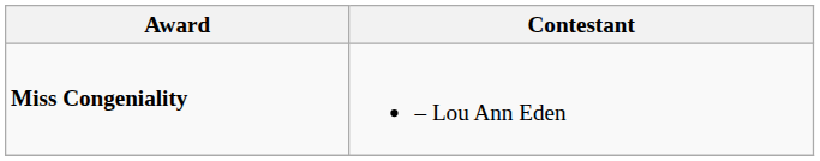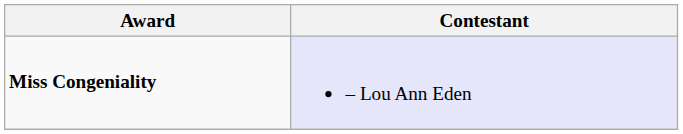 <table class="wikitable sortable" style="font-size:95%;">
 <tr>
 <th width="220">Award</th>
 <th width="300">Contestant</th>
 </tr>
 <tr>
 <td><strong>Miss Congeniality</strong></td>
-<td><br><ul><li><strong></strong> – Lou Ann Eden</li></ul></td>
+<td style="background: lavender;"><br><ul><li><strong></strong> – Lou Ann Eden</li></ul></td>
 </tr>
 <tr>
 </tr>
 </table>
